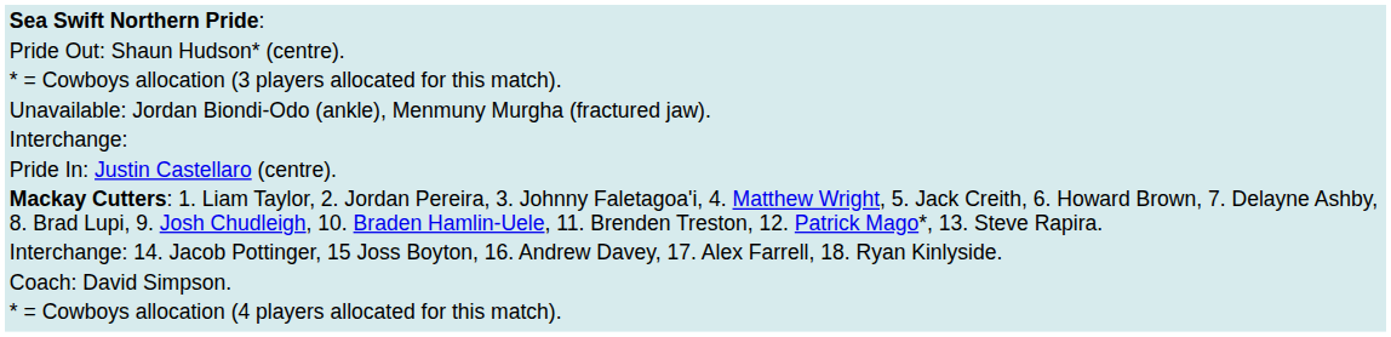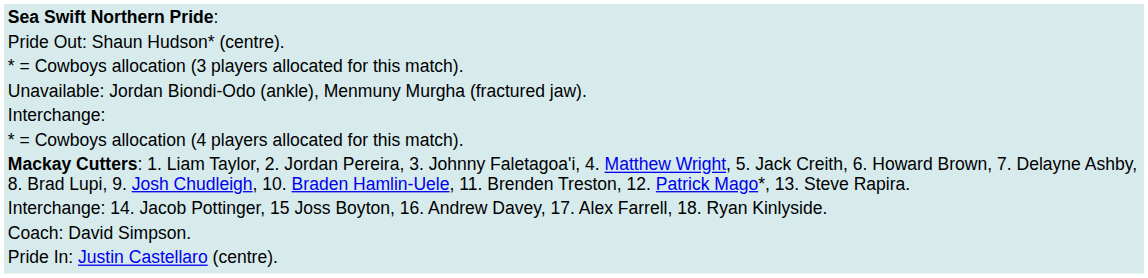 <table style="background:#d7ebed; font-size:85%; width:100%;">
 <tr>
 <td><strong>Sea Swift Northern Pride</strong>:             </td>
 </tr>
 <tr>
 <td>Pride Out: Shaun Hudson* (centre).</td>
 </tr>
 <tr>
 <td>* = Cowboys allocation (3 players allocated for this match).</td>
 </tr>
 <tr>
 <td>Unavailable: Jordan Biondi-Odo (ankle), Menmuny Murgha (fractured jaw).</td>
 </tr>
 <tr>
 <td>Interchange:    </td>
 </tr>
 <tr>
-<td>Pride In: <a href='#'>Justin Castellaro</a> (centre).</td>
+<td>* = Cowboys allocation (4 players allocated for this match).</td>
 </tr>
 <tr>
 <td><strong>Mackay Cutters</strong>: 1. Liam Taylor, 2. Jordan Pereira, 3. Johnny Faletagoa'i, 4. <a href='#'>Matthew Wright</a>, 5. Jack Creith, 6. Howard Brown, 7. Delayne Ashby, 8. Brad Lupi, 9. <a href='#'>Josh Chudleigh</a>, 10. <a href='#'>Braden Hamlin-Uele</a>, 11. Brenden Treston, 12. <a href='#'>Patrick Mago</a>*, 13. Steve Rapira.</td>
 </tr>
 <tr>
 <td>Interchange: 14. Jacob Pottinger, 15 Joss Boyton, 16. Andrew Davey, 17. Alex Farrell, 18. Ryan Kinlyside.</td>
 </tr>
 <tr>
 <td>Coach: David Simpson.</td>
 </tr>
 <tr>
-<td>* = Cowboys allocation (4 players allocated for this match).</td>
+<td>Pride In: <a href='#'>Justin Castellaro</a> (centre).</td>
 </tr>
 <tr>
 </tr>
 </table>
